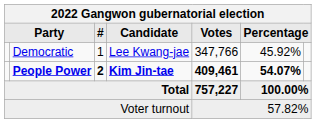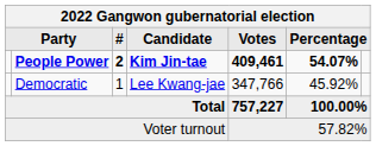 <table class="wikitable">
 <tr>
 <th colspan="7">2022 Gangwon gubernatorial election</th>
 </tr>
 <tr>
 <th style="background-color:#E9E9E9" colspan=2>Party</th>
 <th style="background-color:#E9E9E9">#</th>
 <th style="background-color:#E9E9E9">Candidate</th>
 <th style="background-color:#E9E9E9">Votes</th>
 <th style="background-color:#E9E9E9" colspan=2>Percentage</th>
 </tr>
+<tr style="font-weight:bold">
+<td></td>
+<td align=left><a href='#'>People Power</a></td>
+<td align=center>2</td>
+<td align=left><a href='#'>Kim Jin-tae</a></td>
+<td align=right>409,461</td>
+<td align=right>54.07%</td>
+<td align=right></td>
+</tr>
 <tr>
 <td></td>
 <td align=left><a href='#'>Democratic</a></td>
 <td align=center>1</td>
 <td align=left><a href='#'>Lee Kwang-jae</a></td>
 <td align=right>347,766</td>
 <td align=right>45.92%</td>
-<td align=right></td>
-</tr>
-<tr style="font-weight:bold">
-<td></td>
-<td align=left><a href='#'>People Power</a></td>
-<td align=center>2</td>
-<td align=left><a href='#'>Kim Jin-tae</a></td>
-<td align=right>409,461</td>
-<td align=right>54.07%</td>
 <td align=right></td>
 </tr>
 <tr bgcolor="#EEEEEE" style="font-weight:bold">
 <td colspan="4" align=right>Total</td>
 <td align=right>757,227</td>
 <td align=right colspan=2>100.00%</td>
 </tr>
 <tr bgcolor="#EEEEEE">
 <td colspan="4" align="right">Voter turnout</td>
 <td colspan="3" align="right">57.82%</td>
 </tr>
 </table>
